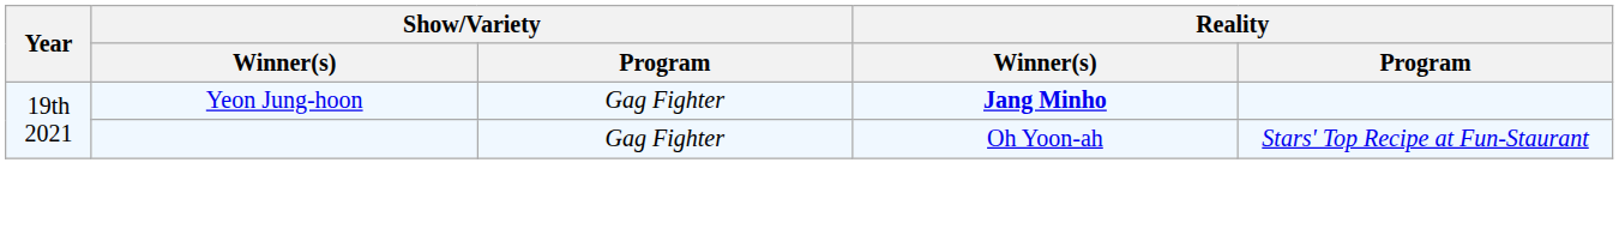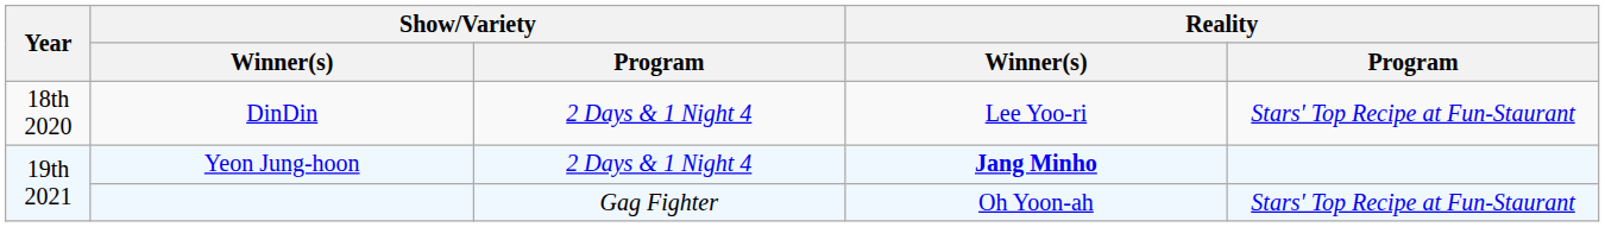 <table class="wikitable" style=text-align:center>
 <tr>
 <th rowspan=2 style="width:50px">Year</th>
 <th colspan=2 style="width:500px">Show/Variety</th>
 <th colspan=2 style="width:500px">Reality</th>
 </tr>
 <tr>
 <th style="width:250px">Winner(s)</th>
 <th>Program</th>
 <th style="width:250px">Winner(s)</th>
 <th>Program</th>
 </tr>
+<tr>
+<td>18th<br>2020</td>
+<td><a href='#'>DinDin</a></td>
+<td><a href='#'><em>2 Days & 1 Night 4</em></a></td>
+<td><a href='#'>Lee Yoo-ri</a></td>
+<td><em><a href='#'>Stars' Top Recipe at Fun-Staurant</a></em></td>
+</tr>
 <tr style="background:#F0F8FF">
 <td rowspan=2>19th<br>2021</td>
 <td><a href='#'>Yeon Jung-hoon</a></td>
-<td><em>Gag Fighter</em></td>
+<td><em><a href='#'>2 Days & 1 Night 4</a></em></td>
 <td><strong><a href='#'>Jang Minho</a></strong></td>
 <td><em></em></td>
 </tr>
 <tr style="background:#F0F8FF">
 <td></td>
 <td><em>Gag Fighter</em></td>
 <td><a href='#'>Oh Yoon-ah</a></td>
 <td><em><a href='#'>Stars' Top Recipe at Fun-Staurant</a></em></td>
 </tr>
 </table>
